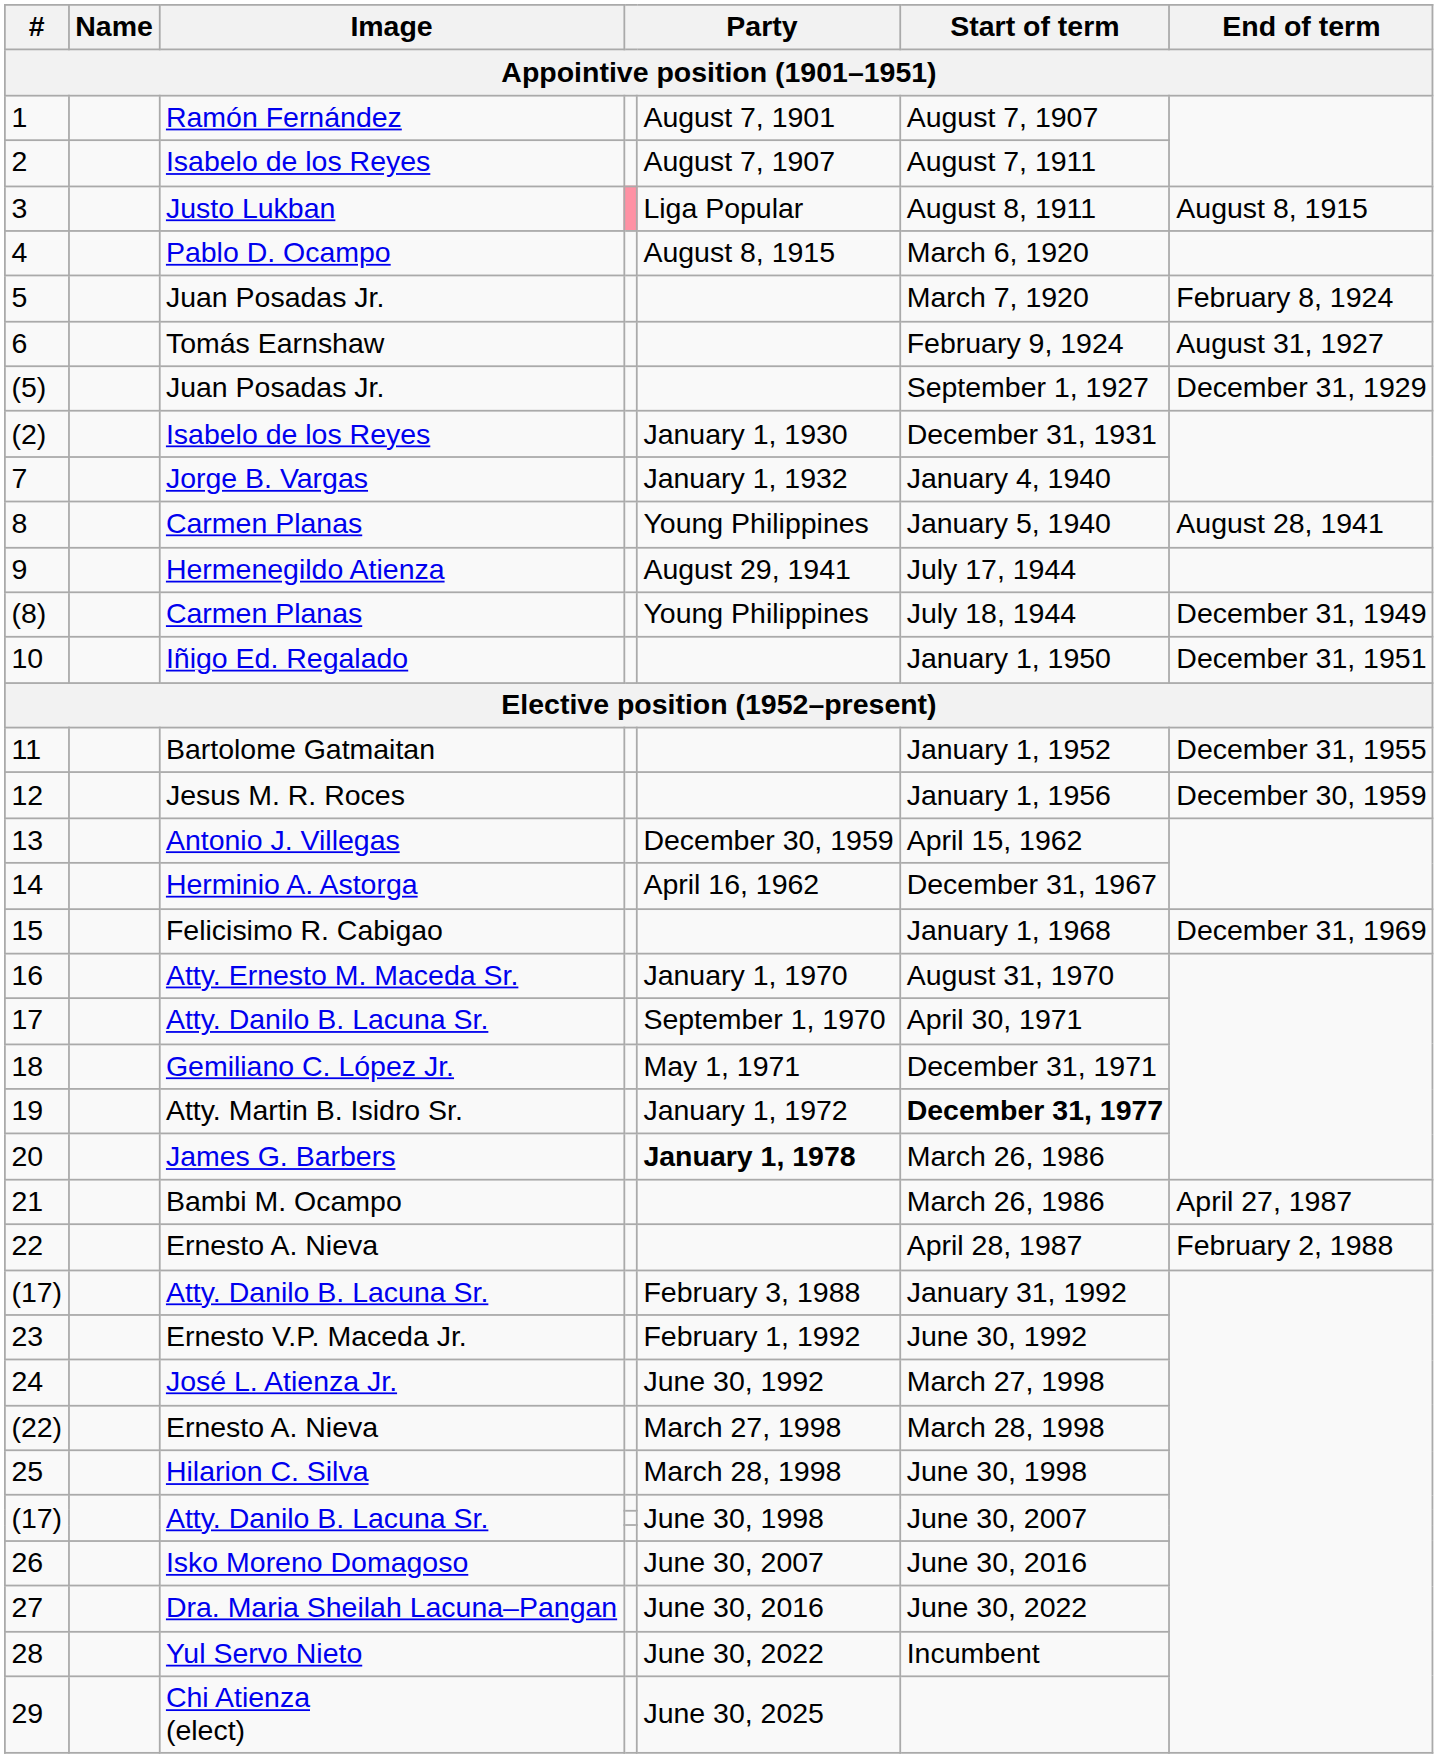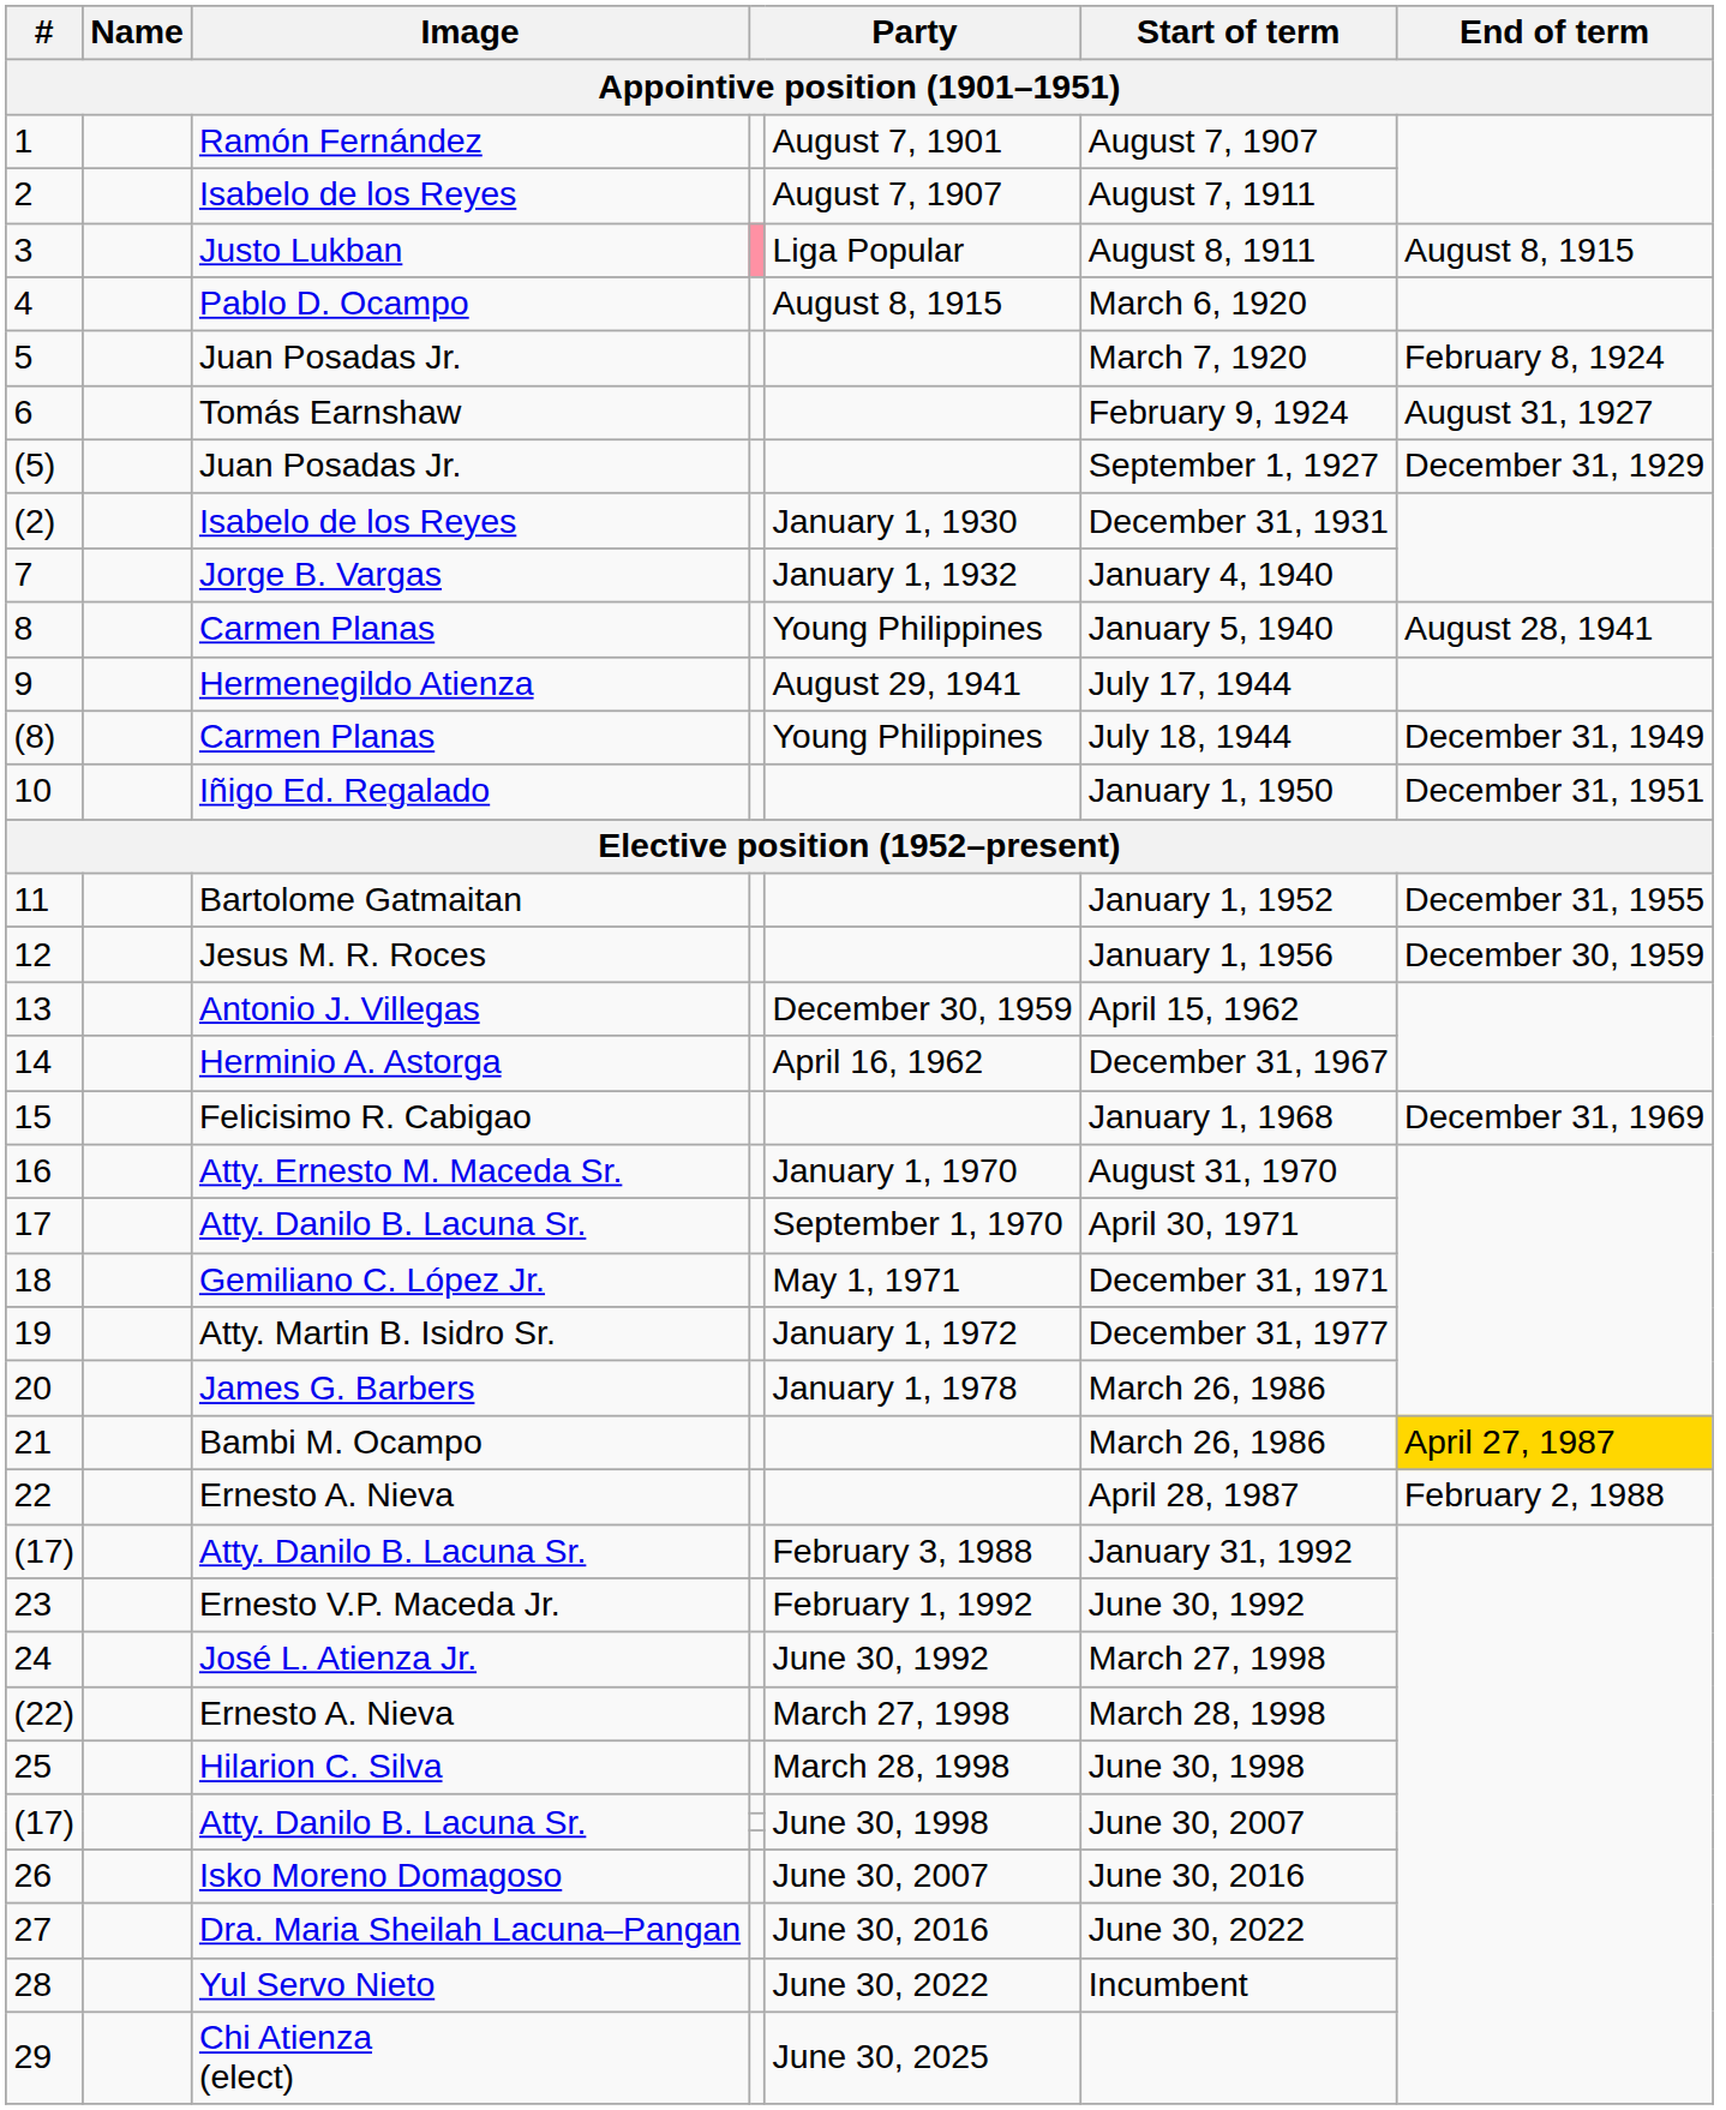 <table class="wikitable">
 <tr>
 <th>#</th>
 <th>Name</th>
 <th>Image</th>
 <th ! colspan="2">Party</th>
 <th>Start of term</th>
 <th>End of term</th>
 </tr>
 <tr>
 <th colspan="7">Appointive position (1901–1951)</th>
 </tr>
 <tr>
 <td>1</td>
 <td></td>
 <td><a href='#'>Ramón Fernández</a></td>
 <td></td>
 <td>August 7, 1901</td>
 <td>August 7, 1907</td>
 </tr>
 <tr>
 <td>2</td>
 <td></td>
 <td><a href='#'>Isabelo de los Reyes</a></td>
 <td></td>
 <td>August 7, 1907</td>
 <td>August 7, 1911</td>
 </tr>
 <tr>
 <td>3</td>
 <td></td>
 <td><a href='#'>Justo Lukban</a></td>
 <td style="background-color:#FF91A4;"></td>
 <td>Liga Popular</td>
 <td>August 8, 1911</td>
 <td>August 8, 1915</td>
 </tr>
 <tr>
 <td>4</td>
 <td></td>
 <td><a href='#'>Pablo D. Ocampo</a></td>
 <td></td>
 <td>August 8, 1915</td>
 <td>March 6, 1920</td>
 </tr>
 <tr>
 <td>5</td>
 <td></td>
 <td>Juan Posadas Jr.</td>
 <td></td>
 <td></td>
 <td>March 7, 1920</td>
 <td>February 8, 1924</td>
 </tr>
 <tr>
 <td>6</td>
 <td></td>
 <td>Tomás Earnshaw</td>
 <td></td>
 <td></td>
 <td>February 9, 1924</td>
 <td>August 31, 1927</td>
 </tr>
 <tr>
 <td>(5)</td>
 <td></td>
 <td>Juan Posadas Jr.</td>
 <td></td>
 <td></td>
 <td>September 1, 1927</td>
 <td>December 31, 1929</td>
 </tr>
 <tr>
 <td>(2)</td>
 <td></td>
 <td><a href='#'>Isabelo de los Reyes</a></td>
 <td></td>
 <td>January 1, 1930</td>
 <td>December 31, 1931</td>
 </tr>
 <tr>
 <td>7</td>
 <td></td>
 <td><a href='#'>Jorge B. Vargas</a></td>
 <td></td>
 <td>January 1, 1932</td>
 <td>January 4, 1940</td>
 </tr>
 <tr>
 <td>8</td>
 <td></td>
 <td><a href='#'>Carmen Planas</a></td>
 <td></td>
 <td>Young Philippines</td>
 <td>January 5, 1940</td>
 <td>August 28, 1941</td>
 </tr>
 <tr>
 <td>9</td>
 <td></td>
 <td><a href='#'>Hermenegildo Atienza</a></td>
 <td></td>
 <td>August 29, 1941</td>
 <td>July 17, 1944</td>
 </tr>
 <tr>
 <td>(8)</td>
 <td></td>
 <td><a href='#'>Carmen Planas</a></td>
 <td></td>
 <td>Young Philippines</td>
 <td>July 18, 1944</td>
 <td>December 31, 1949</td>
 </tr>
 <tr>
 <td>10</td>
 <td></td>
 <td><a href='#'>Iñigo Ed. Regalado</a></td>
 <td></td>
 <td></td>
 <td>January 1, 1950</td>
 <td>December 31, 1951</td>
 </tr>
 <tr>
 <th colspan="7">Elective position (1952–present)</th>
 </tr>
 <tr>
 <td>11</td>
 <td></td>
 <td>Bartolome Gatmaitan</td>
 <td></td>
 <td></td>
 <td>January 1, 1952</td>
 <td>December 31, 1955</td>
 </tr>
 <tr>
 <td>12</td>
 <td></td>
 <td>Jesus M. R. Roces</td>
 <td></td>
 <td></td>
 <td>January 1, 1956</td>
 <td>December 30, 1959</td>
 </tr>
 <tr>
 <td>13</td>
 <td></td>
 <td><a href='#'>Antonio J. Villegas</a></td>
 <td></td>
 <td>December 30, 1959</td>
 <td>April 15, 1962</td>
 </tr>
 <tr>
 <td>14</td>
 <td></td>
 <td><a href='#'>Herminio A. Astorga</a></td>
 <td></td>
 <td>April 16, 1962</td>
 <td>December 31, 1967</td>
 </tr>
 <tr>
 <td>15</td>
 <td></td>
 <td>Felicisimo R. Cabigao</td>
 <td></td>
 <td></td>
 <td>January 1, 1968</td>
 <td>December 31, 1969</td>
 </tr>
 <tr>
 <td>16</td>
 <td></td>
 <td><a href='#'> Atty. Ernesto M. Maceda Sr.</a></td>
 <td></td>
 <td>January 1, 1970</td>
 <td>August 31, 1970</td>
 </tr>
 <tr>
 <td>17</td>
 <td></td>
 <td><a href='#'>Atty. Danilo B. Lacuna Sr.</a></td>
 <td></td>
 <td>September 1, 1970</td>
 <td>April 30, 1971</td>
 </tr>
 <tr>
 <td>18</td>
 <td></td>
 <td><a href='#'>Gemiliano C. López Jr.</a></td>
 <td></td>
 <td>May 1, 1971</td>
 <td>December 31, 1971</td>
 </tr>
 <tr>
 <td>19</td>
 <td></td>
 <td>Atty. Martin B. Isidro Sr.</td>
 <td></td>
 <td>January 1, 1972</td>
-<td><strong>December 31, 1977</strong></td>
+<td>December 31, 1977</td>
 </tr>
 <tr>
 <td>20</td>
 <td></td>
 <td><a href='#'>James G. Barbers</a></td>
 <td></td>
-<td><strong>January 1, 1978</strong></td>
+<td>January 1, 1978</td>
 <td>March 26, 1986</td>
 </tr>
 <tr>
 <td>21</td>
 <td></td>
 <td>Bambi M. Ocampo</td>
 <td></td>
 <td></td>
 <td>March 26, 1986</td>
-<td>April 27, 1987</td>
+<td style="background: gold;">April 27, 1987</td>
 </tr>
 <tr>
 <td>22</td>
 <td></td>
 <td>Ernesto A. Nieva</td>
 <td></td>
 <td></td>
 <td>April 28, 1987</td>
 <td>February 2, 1988</td>
 </tr>
 <tr>
 <td>(17)</td>
 <td></td>
 <td><a href='#'>Atty. Danilo B. Lacuna Sr.</a></td>
 <td></td>
 <td>February 3, 1988</td>
 <td>January 31, 1992</td>
 </tr>
 <tr>
 <td>23</td>
 <td></td>
 <td>Ernesto V.P. Maceda Jr.</td>
 <td></td>
 <td>February 1, 1992</td>
 <td>June 30, 1992</td>
 </tr>
 <tr>
 <td>24</td>
 <td></td>
 <td><a href='#'>José L. Atienza Jr.</a></td>
 <td></td>
 <td>June 30, 1992</td>
 <td>March 27, 1998</td>
 </tr>
 <tr>
 <td>(22)</td>
 <td></td>
 <td>Ernesto A. Nieva</td>
 <td></td>
 <td>March 27, 1998</td>
 <td>March 28, 1998</td>
 </tr>
 <tr>
 <td>25</td>
 <td></td>
 <td><a href='#'>Hilarion C. Silva</a></td>
 <td></td>
 <td>March 28, 1998</td>
 <td>June 30, 1998</td>
 </tr>
 <tr>
 <td rowspan="3">(17)</td>
 <td rowspan="3"></td>
 <td rowspan="3"><a href='#'>Atty. Danilo B. Lacuna Sr.</a></td>
 <td></td>
 <td rowspan="3">June 30, 1998</td>
 <td rowspan="3">June 30, 2007</td>
 </tr>
 <tr>
 <td></td>
 </tr>
 <tr>
 <td></td>
 </tr>
 <tr>
 <td>26</td>
 <td></td>
 <td><a href='#'>Isko Moreno Domagoso</a></td>
 <td></td>
 <td>June 30, 2007</td>
 <td>June 30, 2016</td>
 </tr>
 <tr>
 <td>27</td>
 <td></td>
 <td><a href='#'>Dra. Maria Sheilah Lacuna–Pangan</a></td>
 <td></td>
 <td>June 30, 2016</td>
 <td>June 30, 2022</td>
 </tr>
 <tr>
 <td>28</td>
 <td></td>
 <td><a href='#'>Yul Servo Nieto</a></td>
 <td></td>
 <td>June 30, 2022</td>
 <td>Incumbent</td>
 </tr>
 <tr>
 <td>29</td>
 <td></td>
 <td><a href='#'>Chi Atienza</a><br>(elect)</td>
 <td></td>
 <td>June 30, 2025</td>
 <td></td>
 </tr>
 </table>
